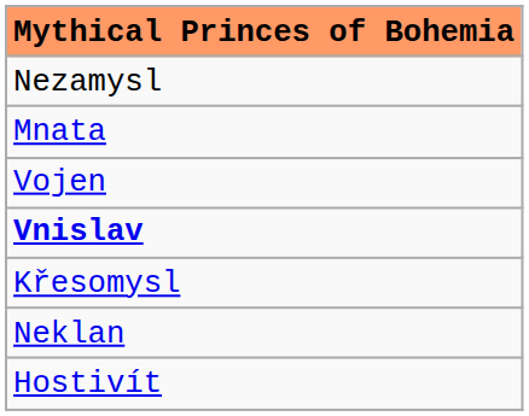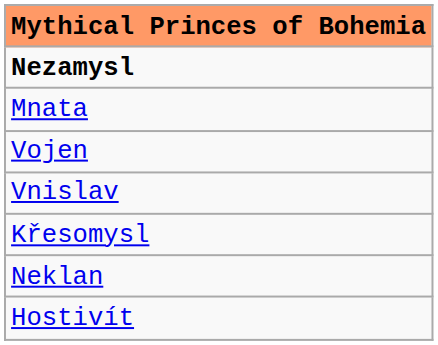 <table class="wikitable">
 <tr>
 <th colspan="2" style="background-color:#ff9966;">Mythical Princes of Bohemia</th>
 </tr>
 <tr>
-<td>Nezamysl</td>
+<td><strong>Nezamysl</strong></td>
 </tr>
 <tr>
 <td><a href='#'>Mnata</a></td>
 </tr>
 <tr>
 <td><a href='#'>Vojen</a></td>
 </tr>
 <tr>
-<td><strong><a href='#'>Vnislav</a></strong></td>
+<td><a href='#'>Vnislav</a></td>
 </tr>
 <tr>
 <td><a href='#'>Křesomysl</a></td>
 </tr>
 <tr>
 <td><a href='#'>Neklan</a></td>
 </tr>
 <tr>
 <td><a href='#'>Hostivít</a></td>
 </tr>
 </table>
